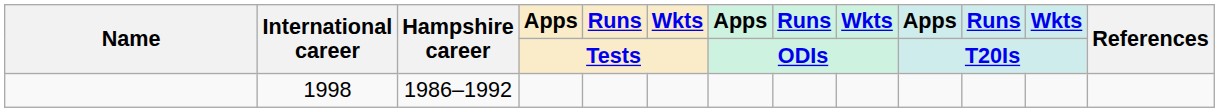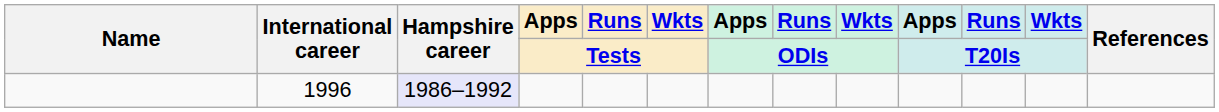 <table class="wikitable sortable" style="text-align: center;">
 <tr>
 <th style="width:180px" rowspan="2">Name</th>
 <th rowspan="2">International<br>career</th>
 <th rowspan="2">Hampshire<br>career</th>
 <th style="background:#faecc8">Apps</th>
 <th style="background:#faecc8"><a href='#'>Runs</a></th>
 <th style="background:#faecc8"><a href='#'>Wkts</a></th>
 <th style="background:#cef2e0">Apps</th>
 <th style="background:#cef2e0"><a href='#'>Runs</a></th>
 <th style="background:#cef2e0"><a href='#'>Wkts</a></th>
 <th style="background:#CFECEC">Apps</th>
 <th style="background:#CFECEC"><a href='#'>Runs</a></th>
 <th style="background:#CFECEC"><a href='#'>Wkts</a></th>
 <th class="unsortable" rowspan="2">References</th>
 </tr>
 <tr class="unsortable">
 <th colspan="3" style="background:#faecc8"><a href='#'>Tests</a></th>
 <th colspan="3" style="background:#cef2e0"><a href='#'>ODIs</a></th>
 <th colspan="3" style="background:#CFECEC"><a href='#'>T20Is</a></th>
 </tr>
 <tr>
 <td></td>
-<td>1998</td>
-<td>1986–1992</td>
+<td>1996</td>
+<td style="background: lavender;">1986–1992</td>
 <td></td>
 <td></td>
 <td></td>
 <td></td>
 <td></td>
 <td></td>
 <td></td>
 <td></td>
 <td></td>
 <td></td>
 </tr>
 </table>
